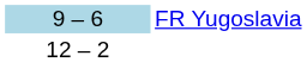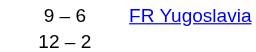 <table style="text-align:center">
 <tr>
 <th width=200></th>
 <th width=100></th>
 <th width=200></th>
 </tr>
 <tr>
 <td align=right><strong></strong></td>
-<td style="background: lightblue;">9 – 6</td>
+<td>9 – 6</td>
 <td align=left> <a href='#'>FR Yugoslavia</a></td>
 </tr>
 <tr>
 <td align=right><strong></strong></td>
 <td>12 – 2</td>
 <td align=left></td>
 </tr>
 </table>
